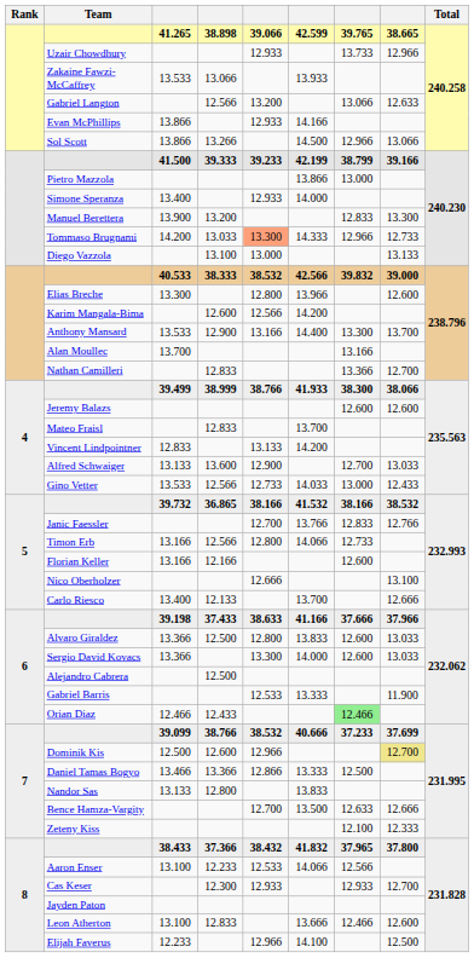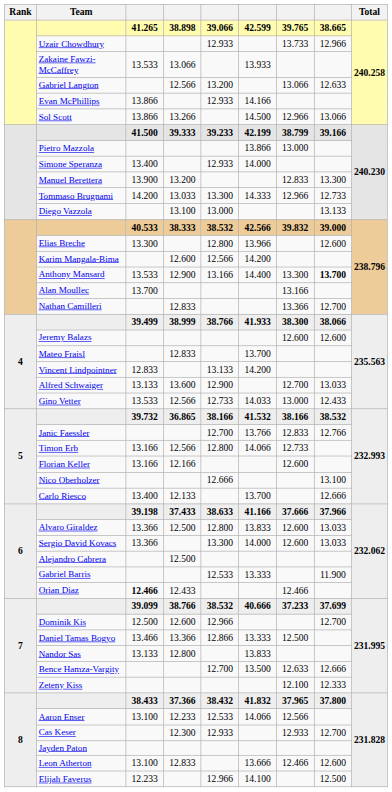 <table style="text-align:center; font-size:95%" class="wikitable sortable">
 <tr>
 <th scope="col" style="width:50px;">Rank</th>
 <th scope="col" style="width:175px;">Team</th>
 <th scope="col" style="width:60px;"></th>
 <th scope="col" style="width:60px;"></th>
 <th scope="col" style="width:60px;"></th>
 <th scope="col" style="width:60px;"></th>
 <th scope="col" style="width:60px;"></th>
 <th scope="col" style="width:60px;"></th>
 <th>Total</th>
 </tr>
 <tr style="background:#fffcaf;">
 <td rowspan="6"><strong></strong></td>
 <td style="text-align:left;"><strong></strong></td>
 <td><strong>41.265</strong></td>
 <td><strong>38.898</strong></td>
 <td><strong>39.066</strong></td>
 <td><strong>42.599</strong></td>
 <td><strong>39.765</strong></td>
 <td><strong>38.665</strong></td>
 <td rowspan="6"><strong>240.258</strong></td>
 </tr>
 <tr>
 <td style="text-align:left; font-size:95%"><a href='#'>Uzair Chowdhury</a></td>
 <td></td>
 <td></td>
 <td>12.933</td>
 <td></td>
 <td>13.733</td>
 <td>12.966</td>
 </tr>
 <tr>
 <td style="text-align:left; font-size:95%"><a href='#'>Zakaine Fawzi-McCaffrey</a></td>
 <td>13.533</td>
 <td>13.066</td>
 <td></td>
 <td>13.933</td>
 <td></td>
 <td></td>
 </tr>
 <tr>
 <td style="text-align:left; font-size:95%"><a href='#'>Gabriel Langton</a></td>
 <td></td>
 <td>12.566</td>
 <td>13.200</td>
 <td></td>
 <td>13.066</td>
 <td>12.633</td>
 </tr>
 <tr>
 <td style="text-align:left; font-size:95%"><a href='#'>Evan McPhillips</a></td>
 <td>13.866</td>
 <td></td>
 <td>12.933</td>
 <td>14.166</td>
 <td></td>
 <td></td>
 </tr>
 <tr>
 <td style="text-align:left; font-size:95%"><a href='#'>Sol Scott</a></td>
 <td>13.866</td>
 <td>13.266</td>
 <td></td>
 <td>14.500</td>
 <td>12.966</td>
 <td>13.066</td>
 </tr>
 <tr style="background:#e5e5e5;">
 <td rowspan="6"><strong></strong></td>
 <td style="text-align:left;"><strong></strong></td>
 <td><strong>41.500</strong></td>
 <td><strong>39.333</strong></td>
 <td><strong>39.233</strong></td>
 <td><strong>42.199</strong></td>
 <td><strong>38.799</strong></td>
 <td><strong>39.166</strong></td>
 <td rowspan="6"><strong>240.230</strong></td>
 </tr>
 <tr>
 <td style="text-align:left; font-size:95%"><a href='#'>Pietro Mazzola</a></td>
 <td></td>
 <td></td>
 <td></td>
 <td>13.866</td>
 <td>13.000</td>
 <td></td>
 </tr>
 <tr>
 <td style="text-align:left; font-size:95%"><a href='#'>Simone Speranza</a></td>
 <td>13.400</td>
 <td></td>
 <td>12.933</td>
 <td>14.000</td>
 <td></td>
 <td></td>
 </tr>
 <tr>
 <td style="text-align:left; font-size:95%"><a href='#'>Manuel Berettera</a></td>
 <td>13.900</td>
 <td>13.200</td>
 <td></td>
 <td></td>
 <td>12.833</td>
 <td>13.300</td>
 </tr>
 <tr>
 <td style="text-align:left; font-size:95%"><a href='#'>Tommaso Brugnami</a></td>
 <td>14.200</td>
 <td>13.033</td>
-<td style="background: lightsalmon;">13.300</td>
+<td>13.300</td>
 <td>14.333</td>
 <td>12.966</td>
 <td>12.733</td>
 </tr>
 <tr>
 <td style="text-align:left; font-size:95%"><a href='#'>Diego Vazzola</a></td>
 <td></td>
 <td>13.100</td>
 <td>13.000</td>
 <td></td>
 <td></td>
 <td>13.133</td>
 </tr>
 <tr style="background:#ec9;">
 <td rowspan="6"><strong></strong></td>
 <td style="text-align:left;"><strong></strong></td>
 <td><strong>40.533</strong></td>
 <td><strong>38.333</strong></td>
 <td><strong>38.532</strong></td>
 <td><strong>42.566</strong></td>
 <td><strong>39.832</strong></td>
 <td><strong>39.000</strong></td>
 <td rowspan="6"><strong>238.796</strong></td>
 </tr>
 <tr>
 <td style="text-align:left; font-size:95%"><a href='#'>Elias Breche</a></td>
 <td>13.300</td>
 <td></td>
 <td>12.800</td>
 <td>13.966</td>
 <td></td>
 <td>12.600</td>
 </tr>
 <tr>
 <td style="text-align:left; font-size:95%"><a href='#'>Karim Mangala-Bima</a></td>
 <td></td>
 <td>12.600</td>
 <td>12.566</td>
 <td>14.200</td>
 <td></td>
 <td></td>
 </tr>
 <tr>
 <td style="text-align:left; font-size:95%"><a href='#'>Anthony Mansard</a></td>
 <td>13.533</td>
 <td>12.900</td>
 <td>13.166</td>
 <td>14.400</td>
 <td>13.300</td>
-<td>13.700</td>
+<td><strong>13.700</strong></td>
 </tr>
 <tr>
 <td style="text-align:left; font-size:95%"><a href='#'>Alan Moullec</a></td>
 <td>13.700</td>
 <td></td>
 <td></td>
 <td></td>
 <td>13.166</td>
 <td></td>
 </tr>
 <tr>
 <td style="text-align:left; font-size:95%"><a href='#'>Nathan Camilleri</a></td>
 <td></td>
 <td>12.833</td>
 <td></td>
 <td></td>
 <td>13.366</td>
 <td>12.700</td>
 </tr>
 <tr style="background:#eee;">
 <td rowspan="6"><strong>4</strong></td>
 <td style="text-align:left;"><strong></strong></td>
 <td><strong>39.499</strong></td>
 <td><strong>38.999</strong></td>
 <td><strong>38.766</strong></td>
 <td><strong>41.933</strong></td>
 <td><strong>38.300</strong></td>
 <td><strong>38.066</strong></td>
 <td rowspan="6"><strong>235.563</strong></td>
 </tr>
 <tr>
 <td style="text-align:left; font-size:95%"><a href='#'>Jeremy Balazs</a></td>
 <td></td>
 <td></td>
 <td></td>
 <td></td>
 <td>12.600</td>
 <td>12.600</td>
 </tr>
 <tr>
 <td style="text-align:left; font-size:95%"><a href='#'>Mateo Fraisl</a></td>
 <td></td>
 <td>12.833</td>
 <td></td>
 <td>13.700</td>
 <td></td>
 <td></td>
 </tr>
 <tr>
 <td style="text-align:left; font-size:95%"><a href='#'>Vincent Lindpointner</a></td>
 <td>12.833</td>
 <td></td>
 <td>13.133</td>
 <td>14.200</td>
 <td></td>
 <td></td>
 </tr>
 <tr>
 <td style="text-align:left; font-size:95%"><a href='#'>Alfred Schwaiger</a></td>
 <td>13.133</td>
 <td>13.600</td>
 <td>12.900</td>
 <td></td>
 <td>12.700</td>
 <td>13.033</td>
 </tr>
 <tr>
 <td style="text-align:left; font-size:95%"><a href='#'>Gino Vetter</a></td>
 <td>13.533</td>
 <td>12.566</td>
 <td>12.733</td>
 <td>14.033</td>
 <td>13.000</td>
 <td>12.433</td>
 </tr>
 <tr style="background:#eee;">
 <td rowspan="6"><strong>5</strong></td>
 <td style="text-align:left;"><strong></strong></td>
 <td><strong>39.732</strong></td>
 <td><strong>36.865</strong></td>
 <td><strong>38.166</strong></td>
 <td><strong>41.532</strong></td>
 <td><strong>38.166</strong></td>
 <td><strong>38.532</strong></td>
 <td rowspan="6"><strong>232.993</strong></td>
 </tr>
 <tr>
 <td style="text-align:left; font-size:95%"><a href='#'>Janic Faessler</a></td>
 <td></td>
 <td></td>
 <td>12.700</td>
 <td>13.766</td>
 <td>12.833</td>
 <td>12.766</td>
 </tr>
 <tr>
 <td style="text-align:left; font-size:95%"><a href='#'>Timon Erb</a></td>
 <td>13.166</td>
 <td>12.566</td>
 <td>12.800</td>
 <td>14.066</td>
 <td>12.733</td>
 <td></td>
 </tr>
 <tr>
 <td style="text-align:left; font-size:95%"><a href='#'>Florian Keller</a></td>
 <td>13.166</td>
 <td>12.166</td>
 <td></td>
 <td></td>
 <td>12.600</td>
 <td></td>
 </tr>
 <tr>
 <td style="text-align:left; font-size:95%"><a href='#'>Nico Oberholzer</a></td>
 <td></td>
 <td></td>
 <td>12.666</td>
 <td></td>
 <td></td>
 <td>13.100</td>
 </tr>
 <tr>
 <td style="text-align:left; font-size:95%"><a href='#'>Carlo Riesco</a></td>
 <td>13.400</td>
 <td>12.133</td>
 <td></td>
 <td>13.700</td>
 <td></td>
 <td>12.666</td>
 </tr>
 <tr style="background:#eee;">
 <td rowspan="6"><strong>6</strong></td>
 <td style="text-align:left;"><strong></strong></td>
 <td><strong>39.198</strong></td>
 <td><strong>37.433</strong></td>
 <td><strong>38.633</strong></td>
 <td><strong>41.166</strong></td>
 <td><strong>37.666</strong></td>
 <td><strong>37.966</strong></td>
 <td rowspan="6"><strong>232.062</strong></td>
 </tr>
 <tr>
 <td style="text-align:left; font-size:95%"><a href='#'>Alvaro Giraldez</a></td>
 <td>13.366</td>
 <td>12.500</td>
 <td>12.800</td>
 <td>13.833</td>
 <td>12.600</td>
 <td>13.033</td>
 </tr>
 <tr>
 <td style="text-align:left; font-size:95%"><a href='#'>Sergio David Kovacs</a></td>
 <td>13.366</td>
 <td></td>
 <td>13.300</td>
 <td>14.000</td>
 <td>12.600</td>
 <td>13.033</td>
 </tr>
 <tr>
 <td style="text-align:left; font-size:95%"><a href='#'>Alejandro Cabrera</a></td>
 <td></td>
 <td>12.500</td>
 <td></td>
 <td></td>
 <td></td>
 <td></td>
 </tr>
 <tr>
 <td style="text-align:left; font-size:95%"><a href='#'>Gabriel Barris</a></td>
 <td></td>
 <td></td>
 <td>12.533</td>
 <td>13.333</td>
 <td></td>
 <td>11.900</td>
 </tr>
 <tr>
 <td style="text-align:left; font-size:95%"><a href='#'>Orian Diaz</a></td>
-<td>12.466</td>
+<td><strong>12.466</strong></td>
 <td>12.433</td>
 <td></td>
 <td></td>
-<td style="background: lightgreen;">12.466</td>
+<td>12.466</td>
 <td></td>
 </tr>
 <tr style="background:#eee;">
 <td rowspan="6"><strong>7</strong></td>
 <td style="text-align:left;"><strong></strong></td>
 <td><strong>39.099</strong></td>
 <td><strong>38.766</strong></td>
 <td><strong>38.532</strong></td>
 <td><strong>40.666</strong></td>
 <td><strong>37.233</strong></td>
 <td><strong>37.699</strong></td>
 <td rowspan="6"><strong>231.995</strong></td>
 </tr>
 <tr>
 <td style="text-align:left; font-size:95%"><a href='#'>Dominik Kis</a></td>
 <td>12.500</td>
 <td>12.600</td>
 <td>12.966</td>
 <td></td>
 <td></td>
-<td style="background: khaki;">12.700</td>
+<td>12.700</td>
 </tr>
 <tr>
 <td style="text-align:left; font-size:95%"><a href='#'>Daniel Tamas Bogyo</a></td>
 <td>13.466</td>
 <td>13.366</td>
 <td>12.866</td>
 <td>13.333</td>
 <td>12.500</td>
 <td></td>
 </tr>
 <tr>
 <td style="text-align:left; font-size:95%"><a href='#'>Nandor Sas</a></td>
 <td>13.133</td>
 <td>12.800</td>
 <td></td>
 <td>13.833</td>
 <td></td>
 <td></td>
 </tr>
 <tr>
 <td style="text-align:left; font-size:95%"><a href='#'>Bence Hamza-Vargity</a></td>
 <td></td>
 <td></td>
 <td>12.700</td>
 <td>13.500</td>
 <td>12.633</td>
 <td>12.666</td>
 </tr>
 <tr>
 <td style="text-align:left; font-size:95%"><a href='#'>Zeteny Kiss</a></td>
 <td></td>
 <td></td>
 <td></td>
 <td></td>
 <td>12.100</td>
 <td>12.333</td>
 </tr>
 <tr style="background:#eee;">
 <td rowspan="6"><strong>8</strong></td>
 <td style="text-align:left;"><strong></strong></td>
 <td><strong>38.433</strong></td>
 <td><strong>37.366</strong></td>
 <td><strong>38.432</strong></td>
 <td><strong>41.832</strong></td>
 <td><strong>37.965</strong></td>
 <td><strong>37.800</strong></td>
 <td rowspan="6"><strong>231.828</strong></td>
 </tr>
 <tr>
 <td style="text-align:left; font-size:95%"><a href='#'>Aaron Enser</a></td>
 <td>13.100</td>
 <td>12.233</td>
 <td>12.533</td>
 <td>14.066</td>
 <td>12.566</td>
 <td></td>
 </tr>
 <tr>
 <td style="text-align:left; font-size:95%"><a href='#'>Cas Keser</a></td>
 <td></td>
 <td>12.300</td>
 <td>12.933</td>
 <td></td>
 <td>12.933</td>
 <td>12.700</td>
 </tr>
 <tr>
 <td style="text-align:left; font-size:95%"><a href='#'>Jayden Paton</a></td>
 <td></td>
 <td></td>
 <td></td>
 <td></td>
 <td></td>
 <td></td>
 </tr>
 <tr>
 <td style="text-align:left; font-size:95%"><a href='#'>Leon Atherton</a></td>
 <td>13.100</td>
 <td>12.833</td>
 <td></td>
 <td>13.666</td>
 <td>12.466</td>
 <td>12.600</td>
 </tr>
 <tr>
 <td style="text-align:left; font-size:95%"><a href='#'>Elijah Faverus</a></td>
 <td>12.233</td>
 <td></td>
 <td>12.966</td>
 <td>14.100</td>
 <td></td>
 <td>12.500</td>
 </tr>
 </table>
